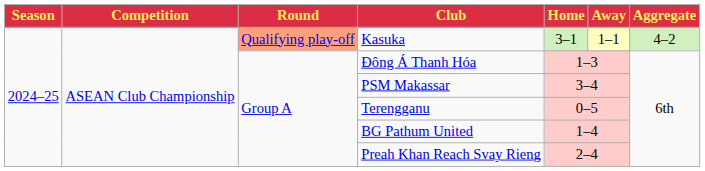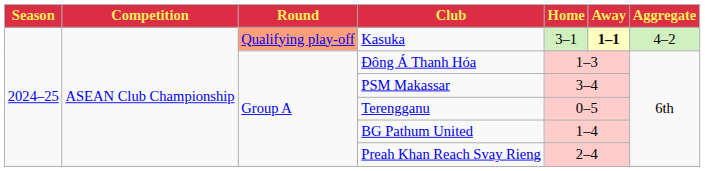 <table class="wikitable">
 <tr>
 <th style="background:#DB2D43; color:#FBEC5D;">Season</th>
 <th style="background:#DB2D43; color:#FBEC5D;">Competition</th>
 <th style="background:#DB2D43; color:#FBEC5D;">Round</th>
 <th style="background:#DB2D43; color:#FBEC5D;">Club</th>
 <th style="background:#DB2D43; color:#FBEC5D;">Home</th>
 <th style="background:#DB2D43; color:#FBEC5D;">Away</th>
 <th style="background:#DB2D43; color:#FBEC5D;">Aggregate</th>
 </tr>
 <tr>
 <td rowspan="6"><a href='#'>2024–25</a></td>
 <td rowspan="6"><a href='#'>ASEAN Club Championship</a></td>
 <td style="background: lightsalmon;"><a href='#'>Qualifying play-off</a></td>
 <td> <a href='#'>Kasuka</a></td>
 <td style="background:#D0F0C0;text-align:center;">3–1</td>
-<td style="background:#FFFFBF;text-align:center;">1–1</td>
+<td style="background:#FFFFBF;text-align:center;"><strong>1–1</strong></td>
 <td style="background:#D0F0C0;text-align:center;">4–2</td>
 </tr>
 <tr>
 <td rowspan="5"><a href='#'>Group A</a></td>
 <td> <a href='#'>Đông Á Thanh Hóa</a></td>
 <td colspan="2" style="text-align:center; background:#FFCCCC;">1–3</td>
 <td rowspan="5" style="text-align:center;">6th</td>
 </tr>
 <tr>
 <td> <a href='#'>PSM Makassar</a></td>
 <td colspan="2" style="text-align:center; background:#FFCCCC;">3–4</td>
 </tr>
 <tr>
 <td> <a href='#'>Terengganu</a></td>
 <td colspan="2" style="text-align:center; background:#FFCCCC;">0–5</td>
 </tr>
 <tr>
 <td> <a href='#'>BG Pathum United</a></td>
 <td colspan="2" style="text-align:center; background:#FFCCCC;">1–4</td>
 </tr>
 <tr>
 <td> <a href='#'>Preah Khan Reach Svay Rieng</a></td>
 <td colspan="2"style="text-align:center; background:#FFCCCC;">2–4</td>
 </tr>
 </table>
